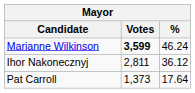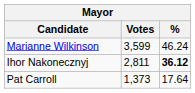 <table class="wikitable">
 <tr>
 <th colspan="3">Mayor</th>
 </tr>
 <tr>
 <th style="width: 170px">Candidate</th>
 <th style="width: 50px">Votes</th>
 <th style="width: 40px">%</th>
 </tr>
 <tr>
 <td><a href='#'>Marianne Wilkinson</a></td>
-<td><strong>3,599</strong></td>
+<td>3,599</td>
 <td>46.24</td>
 </tr>
 <tr>
 <td>Ihor Nakonecznyj</td>
 <td>2,811</td>
-<td>36.12</td>
+<td><strong>36.12</strong></td>
 </tr>
 <tr>
 <td>Pat Carroll</td>
 <td>1,373</td>
 <td>17.64</td>
 </tr>
 </table>
